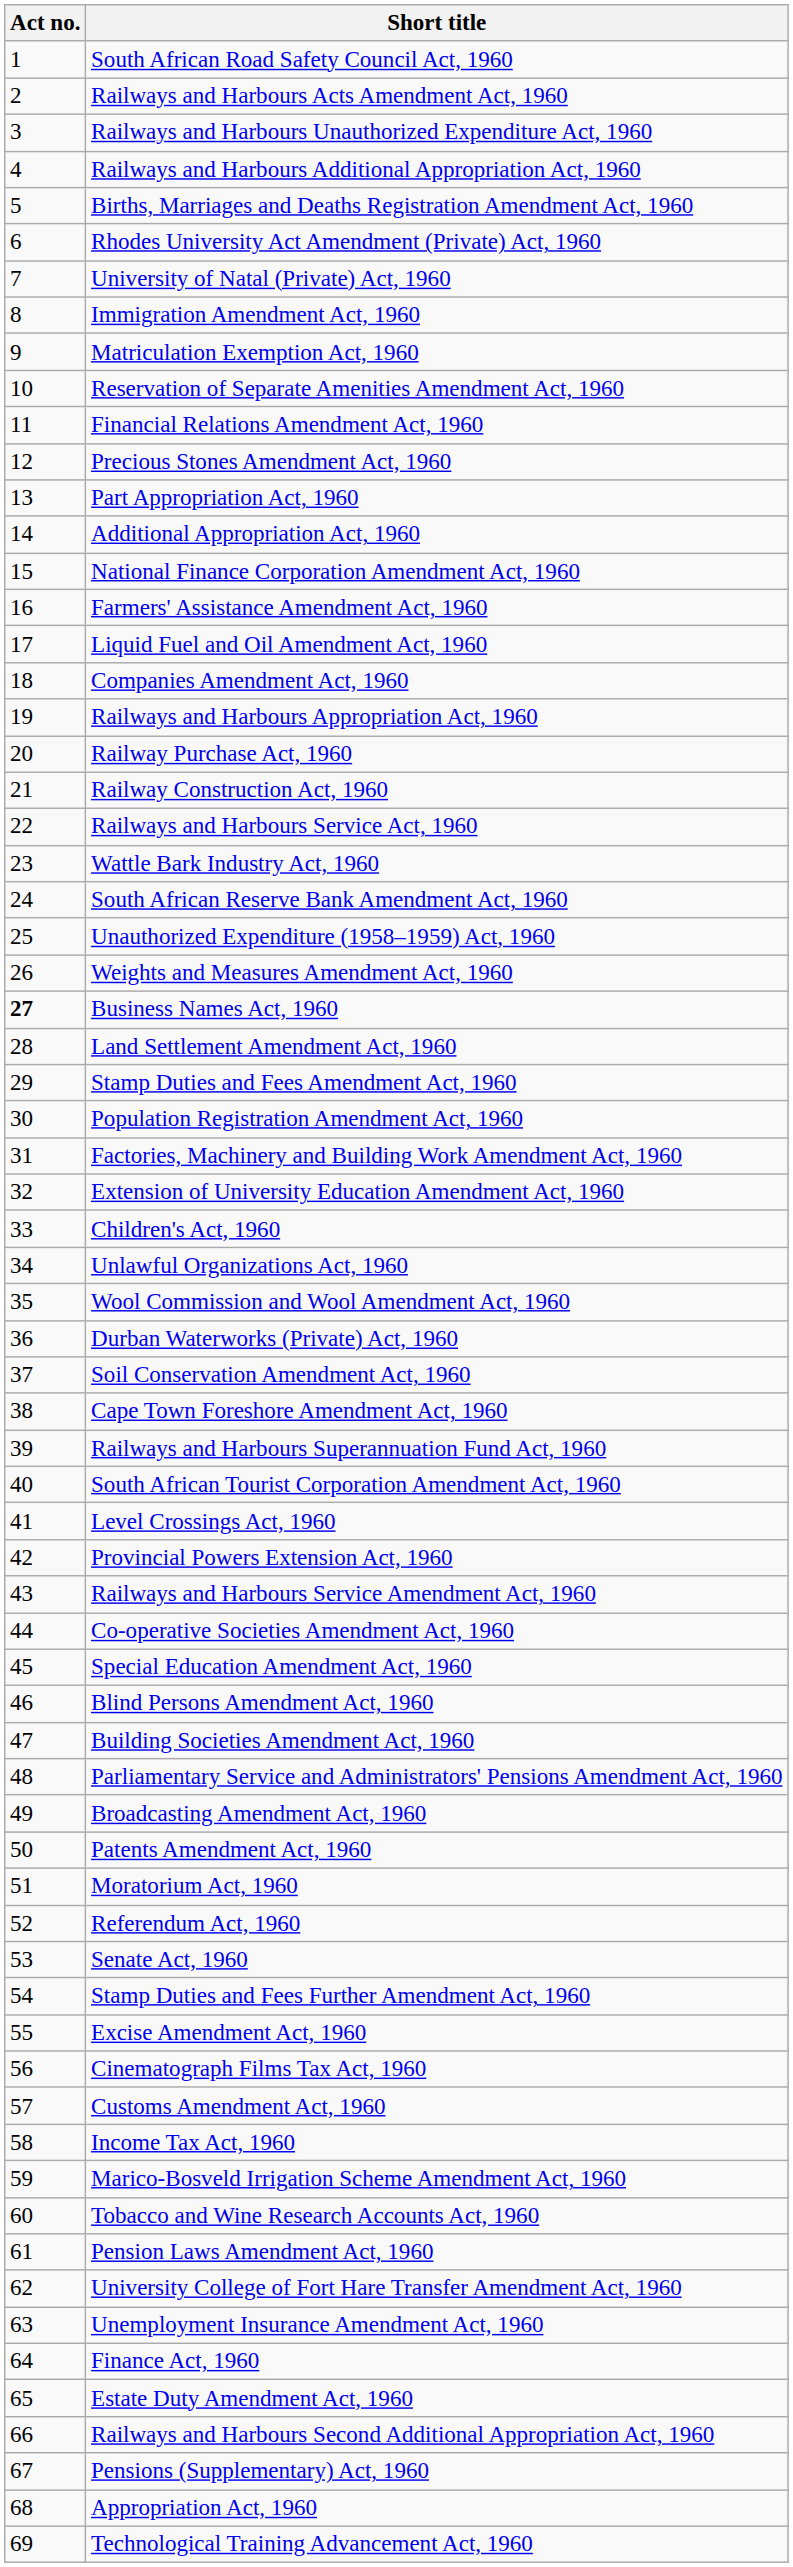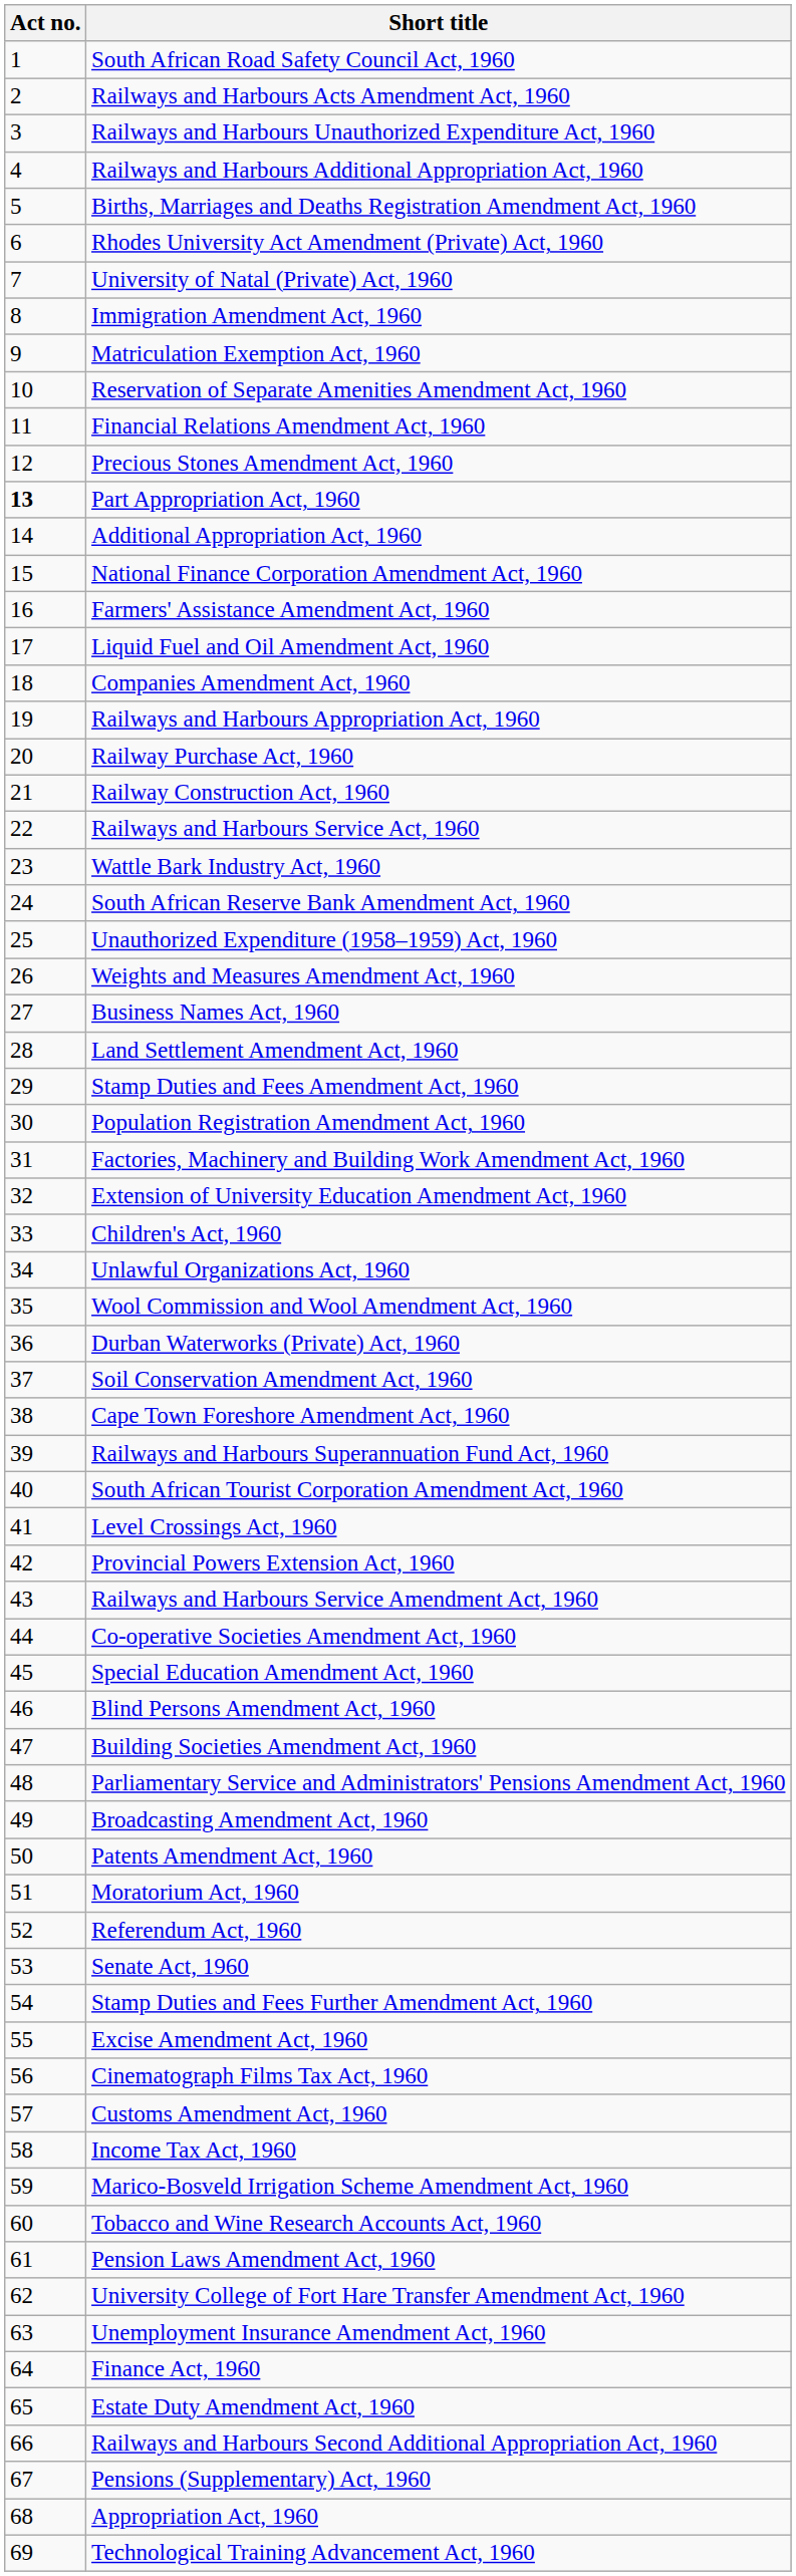 <table class="wikitable sortable">
 <tr>
 <th>Act no.</th>
 <th>Short title</th>
 </tr>
 <tr>
 <td>1</td>
 <td><a href='#'>South African Road Safety Council Act, 1960</a></td>
 </tr>
 <tr>
 <td>2</td>
 <td><a href='#'>Railways and Harbours Acts Amendment Act, 1960</a></td>
 </tr>
 <tr>
 <td>3</td>
 <td><a href='#'>Railways and Harbours Unauthorized Expenditure Act, 1960</a></td>
 </tr>
 <tr>
 <td>4</td>
 <td><a href='#'>Railways and Harbours Additional Appropriation Act, 1960</a></td>
 </tr>
 <tr>
 <td>5</td>
 <td><a href='#'>Births, Marriages and Deaths Registration Amendment Act, 1960</a></td>
 </tr>
 <tr>
 <td>6</td>
 <td><a href='#'>Rhodes University Act Amendment (Private) Act, 1960</a></td>
 </tr>
 <tr>
 <td>7</td>
 <td><a href='#'>University of Natal (Private) Act, 1960</a></td>
 </tr>
 <tr>
 <td>8</td>
 <td><a href='#'>Immigration Amendment Act, 1960</a></td>
 </tr>
 <tr>
 <td>9</td>
 <td><a href='#'>Matriculation Exemption Act, 1960</a></td>
 </tr>
 <tr>
 <td>10</td>
 <td><a href='#'>Reservation of Separate Amenities Amendment Act, 1960</a></td>
 </tr>
 <tr>
 <td>11</td>
 <td><a href='#'>Financial Relations Amendment Act, 1960</a></td>
 </tr>
 <tr>
 <td>12</td>
 <td><a href='#'>Precious Stones Amendment Act, 1960</a></td>
 </tr>
 <tr>
-<td>13</td>
+<td><strong>13</strong></td>
 <td><a href='#'>Part Appropriation Act, 1960</a></td>
 </tr>
 <tr>
 <td>14</td>
 <td><a href='#'>Additional Appropriation Act, 1960</a></td>
 </tr>
 <tr>
 <td>15</td>
 <td><a href='#'>National Finance Corporation Amendment Act, 1960</a></td>
 </tr>
 <tr>
 <td>16</td>
 <td><a href='#'>Farmers' Assistance Amendment Act, 1960</a></td>
 </tr>
 <tr>
 <td>17</td>
 <td><a href='#'>Liquid Fuel and Oil Amendment Act, 1960</a></td>
 </tr>
 <tr>
 <td>18</td>
 <td><a href='#'>Companies Amendment Act, 1960</a></td>
 </tr>
 <tr>
 <td>19</td>
 <td><a href='#'>Railways and Harbours Appropriation Act, 1960</a></td>
 </tr>
 <tr>
 <td>20</td>
 <td><a href='#'>Railway Purchase Act, 1960</a></td>
 </tr>
 <tr>
 <td>21</td>
 <td><a href='#'>Railway Construction Act, 1960</a></td>
 </tr>
 <tr>
 <td>22</td>
 <td><a href='#'>Railways and Harbours Service Act, 1960</a></td>
 </tr>
 <tr>
 <td>23</td>
 <td><a href='#'>Wattle Bark Industry Act, 1960</a></td>
 </tr>
 <tr>
 <td>24</td>
 <td><a href='#'>South African Reserve Bank Amendment Act, 1960</a></td>
 </tr>
 <tr>
 <td>25</td>
 <td><a href='#'>Unauthorized Expenditure (1958–1959) Act, 1960</a></td>
 </tr>
 <tr>
 <td>26</td>
 <td><a href='#'>Weights and Measures Amendment Act, 1960</a></td>
 </tr>
 <tr>
-<td><strong>27</strong></td>
+<td>27</td>
 <td><a href='#'>Business Names Act, 1960</a></td>
 </tr>
 <tr>
 <td>28</td>
 <td><a href='#'>Land Settlement Amendment Act, 1960</a></td>
 </tr>
 <tr>
 <td>29</td>
 <td><a href='#'>Stamp Duties and Fees Amendment Act, 1960</a></td>
 </tr>
 <tr>
 <td>30</td>
 <td><a href='#'>Population Registration Amendment Act, 1960</a></td>
 </tr>
 <tr>
 <td>31</td>
 <td><a href='#'>Factories, Machinery and Building Work Amendment Act, 1960</a></td>
 </tr>
 <tr>
 <td>32</td>
 <td><a href='#'>Extension of University Education Amendment Act, 1960</a></td>
 </tr>
 <tr>
 <td>33</td>
 <td><a href='#'>Children's Act, 1960</a></td>
 </tr>
 <tr>
 <td>34</td>
 <td><a href='#'>Unlawful Organizations Act, 1960</a></td>
 </tr>
 <tr>
 <td>35</td>
 <td><a href='#'>Wool Commission and Wool Amendment Act, 1960</a></td>
 </tr>
 <tr>
 <td>36</td>
 <td><a href='#'>Durban Waterworks (Private) Act, 1960</a></td>
 </tr>
 <tr>
 <td>37</td>
 <td><a href='#'>Soil Conservation Amendment Act, 1960</a></td>
 </tr>
 <tr>
 <td>38</td>
 <td><a href='#'>Cape Town Foreshore Amendment Act, 1960</a></td>
 </tr>
 <tr>
 <td>39</td>
 <td><a href='#'>Railways and Harbours Superannuation Fund Act, 1960</a></td>
 </tr>
 <tr>
 <td>40</td>
 <td><a href='#'>South African Tourist Corporation Amendment Act, 1960</a></td>
 </tr>
 <tr>
 <td>41</td>
 <td><a href='#'>Level Crossings Act, 1960</a></td>
 </tr>
 <tr>
 <td>42</td>
 <td><a href='#'>Provincial Powers Extension Act, 1960</a></td>
 </tr>
 <tr>
 <td>43</td>
 <td><a href='#'>Railways and Harbours Service Amendment Act, 1960</a></td>
 </tr>
 <tr>
 <td>44</td>
 <td><a href='#'>Co-operative Societies Amendment Act, 1960</a></td>
 </tr>
 <tr>
 <td>45</td>
 <td><a href='#'>Special Education Amendment Act, 1960</a></td>
 </tr>
 <tr>
 <td>46</td>
 <td><a href='#'>Blind Persons Amendment Act, 1960</a></td>
 </tr>
 <tr>
 <td>47</td>
 <td><a href='#'>Building Societies Amendment Act, 1960</a></td>
 </tr>
 <tr>
 <td>48</td>
 <td><a href='#'>Parliamentary Service and Administrators' Pensions Amendment Act, 1960</a></td>
 </tr>
 <tr>
 <td>49</td>
 <td><a href='#'>Broadcasting Amendment Act, 1960</a></td>
 </tr>
 <tr>
 <td>50</td>
 <td><a href='#'>Patents Amendment Act, 1960</a></td>
 </tr>
 <tr>
 <td>51</td>
 <td><a href='#'>Moratorium Act, 1960</a></td>
 </tr>
 <tr>
 <td>52</td>
 <td><a href='#'>Referendum Act, 1960</a></td>
 </tr>
 <tr>
 <td>53</td>
 <td><a href='#'>Senate Act, 1960</a></td>
 </tr>
 <tr>
 <td>54</td>
 <td><a href='#'>Stamp Duties and Fees Further Amendment Act, 1960</a></td>
 </tr>
 <tr>
 <td>55</td>
 <td><a href='#'>Excise Amendment Act, 1960</a></td>
 </tr>
 <tr>
 <td>56</td>
 <td><a href='#'>Cinematograph Films Tax Act, 1960</a></td>
 </tr>
 <tr>
 <td>57</td>
 <td><a href='#'>Customs Amendment Act, 1960</a></td>
 </tr>
 <tr>
 <td>58</td>
 <td><a href='#'>Income Tax Act, 1960</a></td>
 </tr>
 <tr>
 <td>59</td>
 <td><a href='#'>Marico-Bosveld Irrigation Scheme Amendment Act, 1960</a></td>
 </tr>
 <tr>
 <td>60</td>
 <td><a href='#'>Tobacco and Wine Research Accounts Act, 1960</a></td>
 </tr>
 <tr>
 <td>61</td>
 <td><a href='#'>Pension Laws Amendment Act, 1960</a></td>
 </tr>
 <tr>
 <td>62</td>
 <td><a href='#'>University College of Fort Hare Transfer Amendment Act, 1960</a></td>
 </tr>
 <tr>
 <td>63</td>
 <td><a href='#'>Unemployment Insurance Amendment Act, 1960</a></td>
 </tr>
 <tr>
 <td>64</td>
 <td><a href='#'>Finance Act, 1960</a></td>
 </tr>
 <tr>
 <td>65</td>
 <td><a href='#'>Estate Duty Amendment Act, 1960</a></td>
 </tr>
 <tr>
 <td>66</td>
 <td><a href='#'>Railways and Harbours Second Additional Appropriation Act, 1960</a></td>
 </tr>
 <tr>
 <td>67</td>
 <td><a href='#'>Pensions (Supplementary) Act, 1960</a></td>
 </tr>
 <tr>
 <td>68</td>
 <td><a href='#'>Appropriation Act, 1960</a></td>
 </tr>
 <tr>
 <td>69</td>
 <td><a href='#'>Technological Training Advancement Act, 1960</a></td>
 </tr>
 </table>
